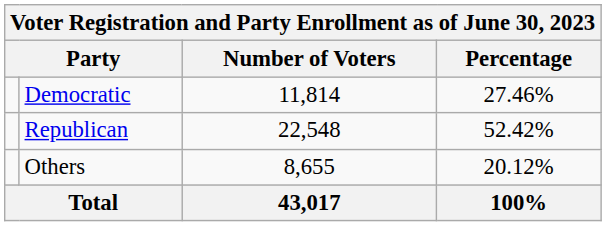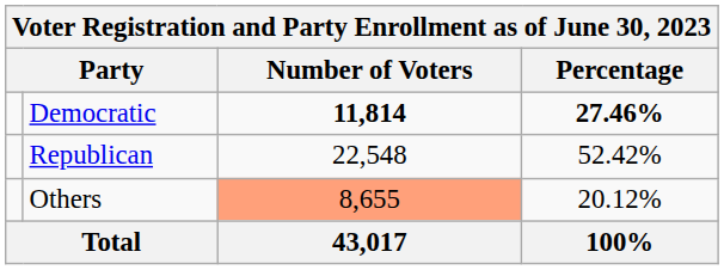 <table class=wikitable>
 <tr>
 <th colspan = 6>Voter Registration and Party Enrollment as of June 30, 2023</th>
 </tr>
 <tr>
 <th colspan = 2>Party</th>
 <th>Number of Voters</th>
 <th>Percentage</th>
 </tr>
 <tr>
 <td></td>
 <td><a href='#'>Democratic</a></td>
-<td align = center>11,814</td>
-<td align = center>27.46%</td>
+<td align = center><strong>11,814</strong></td>
+<td align = center><strong>27.46%</strong></td>
 </tr>
 <tr>
 <td></td>
 <td><a href='#'>Republican</a></td>
 <td align = center>22,548</td>
 <td align = center>52.42%</td>
 </tr>
 <tr>
 <td></td>
 <td>Others</td>
-<td align = center>8,655</td>
+<td align = center style="background: lightsalmon;">8,655</td>
 <td align = center>20.12%</td>
 </tr>
 <tr>
 <th colspan = 2>Total</th>
 <th align = center>43,017</th>
 <th align = center>100%</th>
 </tr>
 </table>
